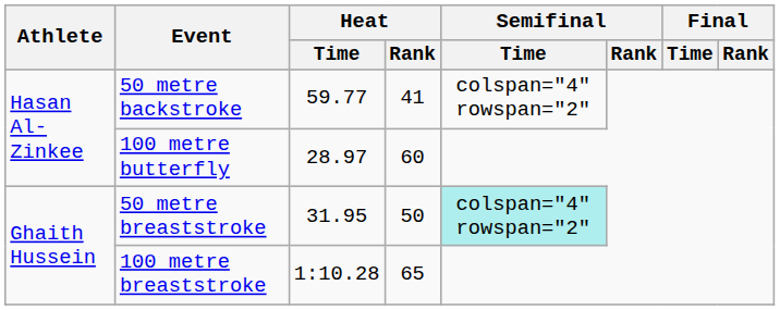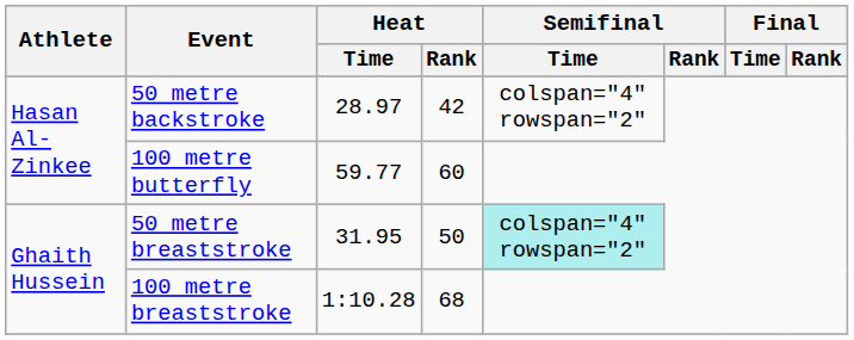 <table class="wikitable" style="text-align:center; font-size:90%; width:50%;">
 <tr>
 <th rowspan="2">Athlete</th>
 <th rowspan="2">Event</th>
 <th colspan="2">Heat</th>
 <th colspan="2">Semifinal</th>
 <th colspan="2">Final</th>
 </tr>
 <tr style="font-size:95%">
 <th>Time</th>
 <th>Rank</th>
 <th>Time</th>
 <th>Rank</th>
 <th>Time</th>
 <th>Rank</th>
 </tr>
 <tr align=center>
 <td align=left rowspan="2"><a href='#'>Hasan Al-Zinkee</a></td>
 <td align=left><a href='#'>50 metre backstroke</a></td>
-<td>59.77</td>
-<td>41</td>
+<td>28.97</td>
+<td>42</td>
 <td>colspan="4" rowspan="2" </td>
 </tr>
 <tr align=center>
 <td align=left><a href='#'>100 metre butterfly</a></td>
-<td>28.97</td>
+<td>59.77</td>
 <td>60</td>
 </tr>
 <tr align=center>
 <td align=left rowspan="2"><a href='#'>Ghaith Hussein</a></td>
 <td align=left><a href='#'>50 metre breaststroke</a></td>
 <td>31.95</td>
 <td>50</td>
 <td style="background: paleturquoise;">colspan="4" rowspan="2" </td>
 </tr>
 <tr align=center>
 <td align=left><a href='#'>100 metre breaststroke</a></td>
 <td>1:10.28</td>
-<td>65</td>
+<td>68</td>
 </tr>
 </table>
